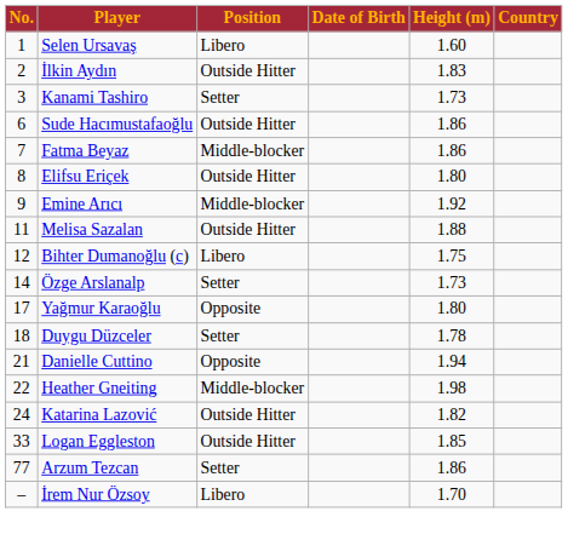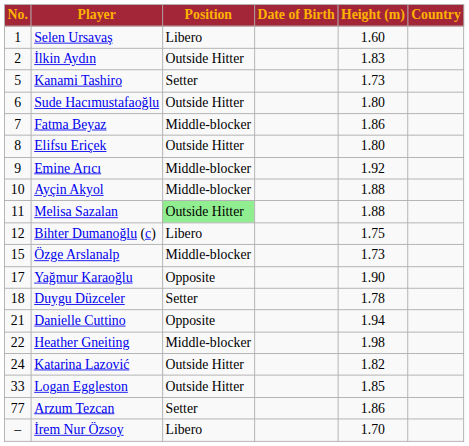 <table class="wikitable plainrowheaders sortable">
 <tr>
 <th style="background:#A32638; color:#FFB300; ">No.</th>
 <th style="background:#A32638; color:#FFB300; ">Player</th>
 <th style="background:#A32638; color:#FFB300; ">Position</th>
 <th style="background:#A32638; color:#FFB300; ">Date of Birth</th>
 <th style="background:#A32638; color:#FFB300; ">Height (m)</th>
 <th style="background:#A32638; color:#FFB300; ">Country</th>
 </tr>
 <tr>
 <td align="center">1</td>
 <td><a href='#'>Selen Ursavaş</a></td>
 <td>Libero</td>
 <td></td>
 <td align="center">1.60</td>
 <td></td>
 </tr>
 <tr>
 <td align="center">2</td>
 <td><a href='#'>İlkin Aydın</a></td>
 <td>Outside Hitter</td>
 <td></td>
 <td align="center">1.83</td>
 <td></td>
 </tr>
 <tr>
-<td align="center">3</td>
+<td align="center">5</td>
 <td><a href='#'>Kanami Tashiro</a></td>
 <td>Setter</td>
 <td></td>
 <td align="center">1.73</td>
 <td></td>
 </tr>
 <tr>
 <td align="center">6</td>
 <td><a href='#'>Sude Hacımustafaoğlu</a></td>
 <td>Outside Hitter</td>
 <td></td>
-<td align="center">1.86</td>
+<td align="center">1.80</td>
 <td></td>
 </tr>
 <tr>
 <td align="center">7</td>
 <td><a href='#'>Fatma Beyaz</a></td>
 <td>Middle-blocker</td>
 <td></td>
 <td align="center">1.86</td>
 <td></td>
 </tr>
 <tr>
 <td align="center">8</td>
 <td><a href='#'>Elifsu Eriçek</a></td>
 <td>Outside Hitter</td>
 <td></td>
 <td align="center">1.80</td>
 <td></td>
 </tr>
 <tr>
 <td align="center">9</td>
 <td><a href='#'>Emine Arıcı</a></td>
 <td>Middle-blocker</td>
 <td></td>
 <td align="center">1.92</td>
 <td></td>
 </tr>
 <tr>
+<td align="center">10</td>
+<td><a href='#'>Ayçin Akyol</a></td>
+<td>Middle-blocker</td>
+<td></td>
+<td align="center">1.88</td>
+<td></td>
+</tr>
+<tr>
 <td align="center">11</td>
 <td><a href='#'>Melisa Sazalan</a></td>
-<td>Outside Hitter</td>
+<td style="background: lightgreen;">Outside Hitter</td>
 <td></td>
 <td align="center">1.88</td>
 <td></td>
 </tr>
 <tr>
 <td align="center">12</td>
 <td><a href='#'>Bihter Dumanoğlu</a> (<a href='#'>c</a>)</td>
 <td>Libero</td>
 <td></td>
 <td align="center">1.75</td>
 <td></td>
 </tr>
 <tr>
-<td align="center">14</td>
+<td align="center">15</td>
 <td><a href='#'>Özge Arslanalp</a></td>
-<td>Setter</td>
+<td>Middle-blocker</td>
 <td></td>
 <td align="center">1.73</td>
 <td></td>
 </tr>
 <tr>
 <td align="center">17</td>
 <td><a href='#'>Yağmur Karaoğlu</a></td>
 <td>Opposite</td>
 <td></td>
-<td align="center">1.80</td>
+<td align="center">1.90</td>
 <td></td>
 </tr>
 <tr>
 <td align="center">18</td>
 <td><a href='#'>Duygu Düzceler</a></td>
 <td>Setter</td>
 <td></td>
 <td align="center">1.78</td>
 <td></td>
 </tr>
 <tr>
 <td align="center">21</td>
 <td><a href='#'>Danielle Cuttino</a></td>
 <td>Opposite</td>
 <td></td>
 <td align="center">1.94</td>
 <td></td>
 </tr>
 <tr>
 <td align="center">22</td>
 <td><a href='#'>Heather Gneiting</a></td>
 <td>Middle-blocker</td>
 <td></td>
 <td align="center">1.98</td>
 <td></td>
 </tr>
 <tr>
 <td align="center">24</td>
 <td><a href='#'>Katarina Lazović</a></td>
 <td>Outside Hitter</td>
 <td></td>
 <td align="center">1.82</td>
 <td></td>
 </tr>
 <tr>
 <td align="center">33</td>
 <td><a href='#'>Logan Eggleston</a></td>
 <td>Outside Hitter</td>
 <td></td>
 <td align="center">1.85</td>
 <td></td>
 </tr>
 <tr>
 <td align="center">77</td>
 <td><a href='#'>Arzum Tezcan</a></td>
 <td>Setter</td>
 <td></td>
 <td align="center">1.86</td>
 <td></td>
 </tr>
 <tr>
 <td align="center">–</td>
 <td><a href='#'>İrem Nur Özsoy</a></td>
 <td>Libero</td>
 <td></td>
 <td align="center">1.70</td>
 <td></td>
 </tr>
 </table>
